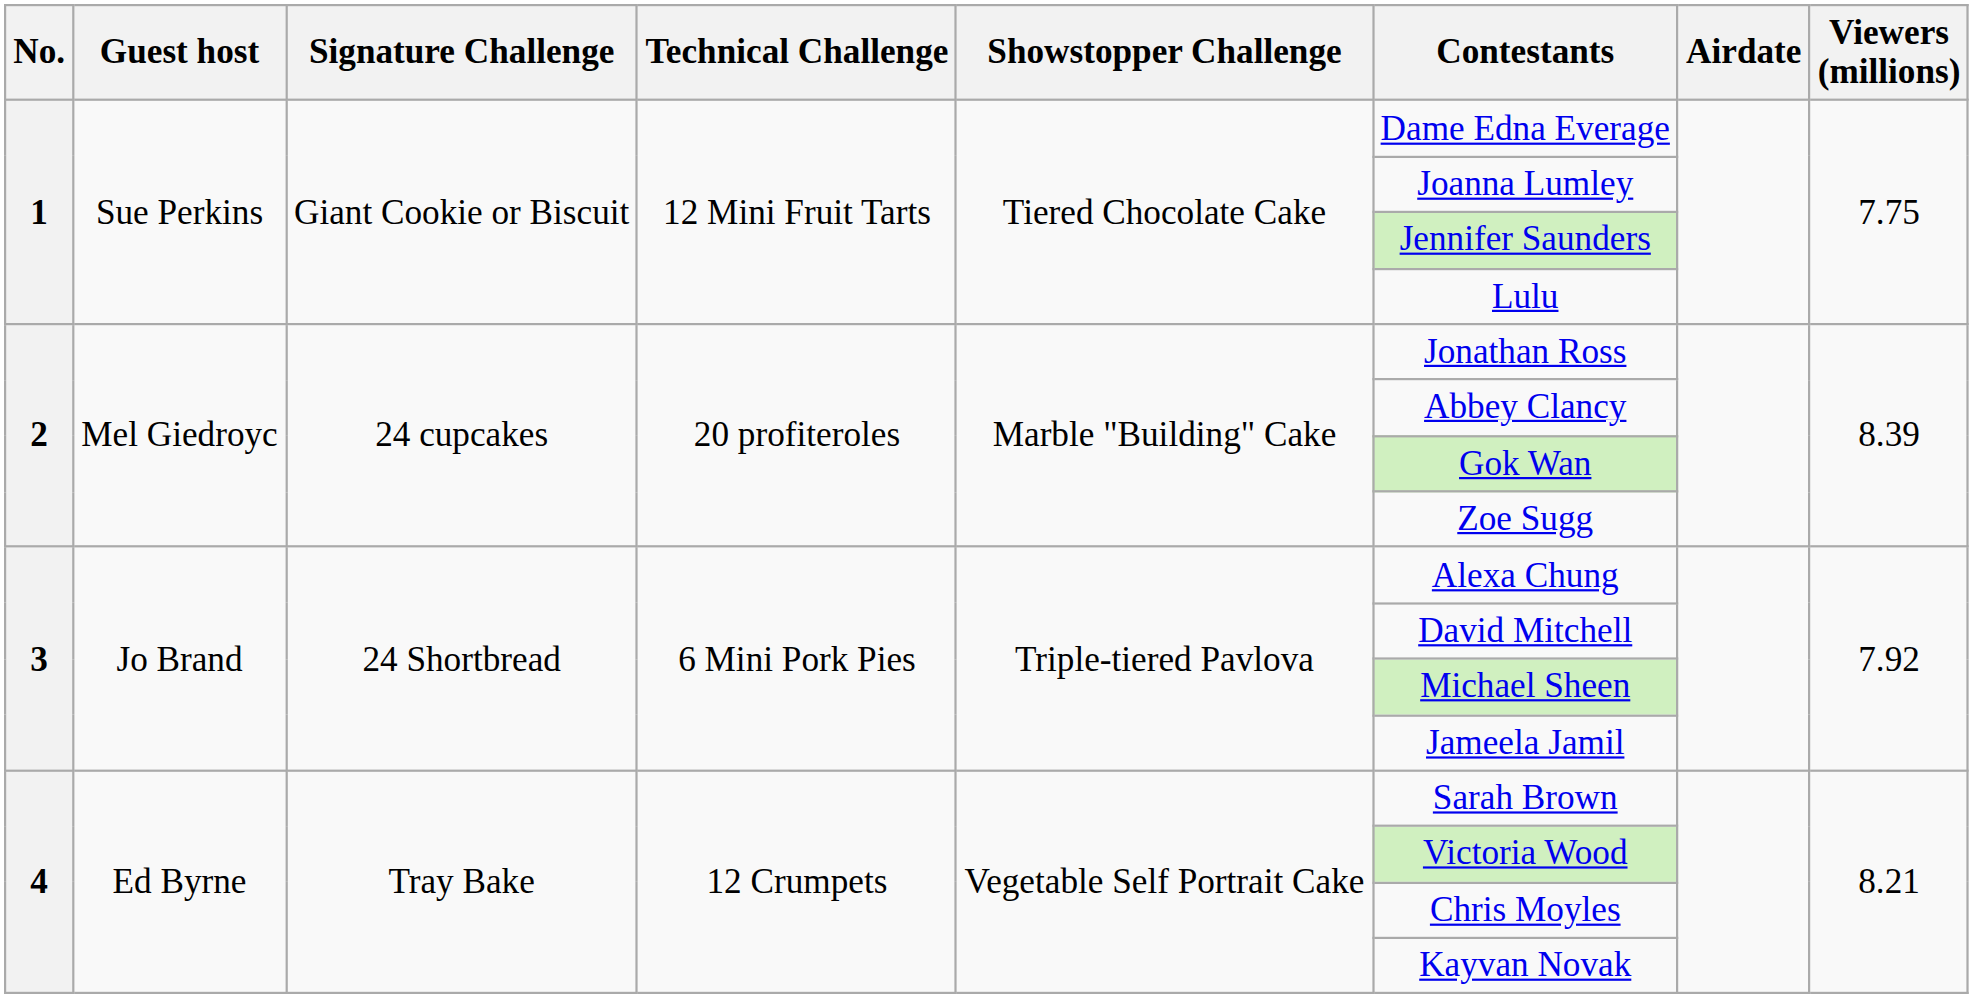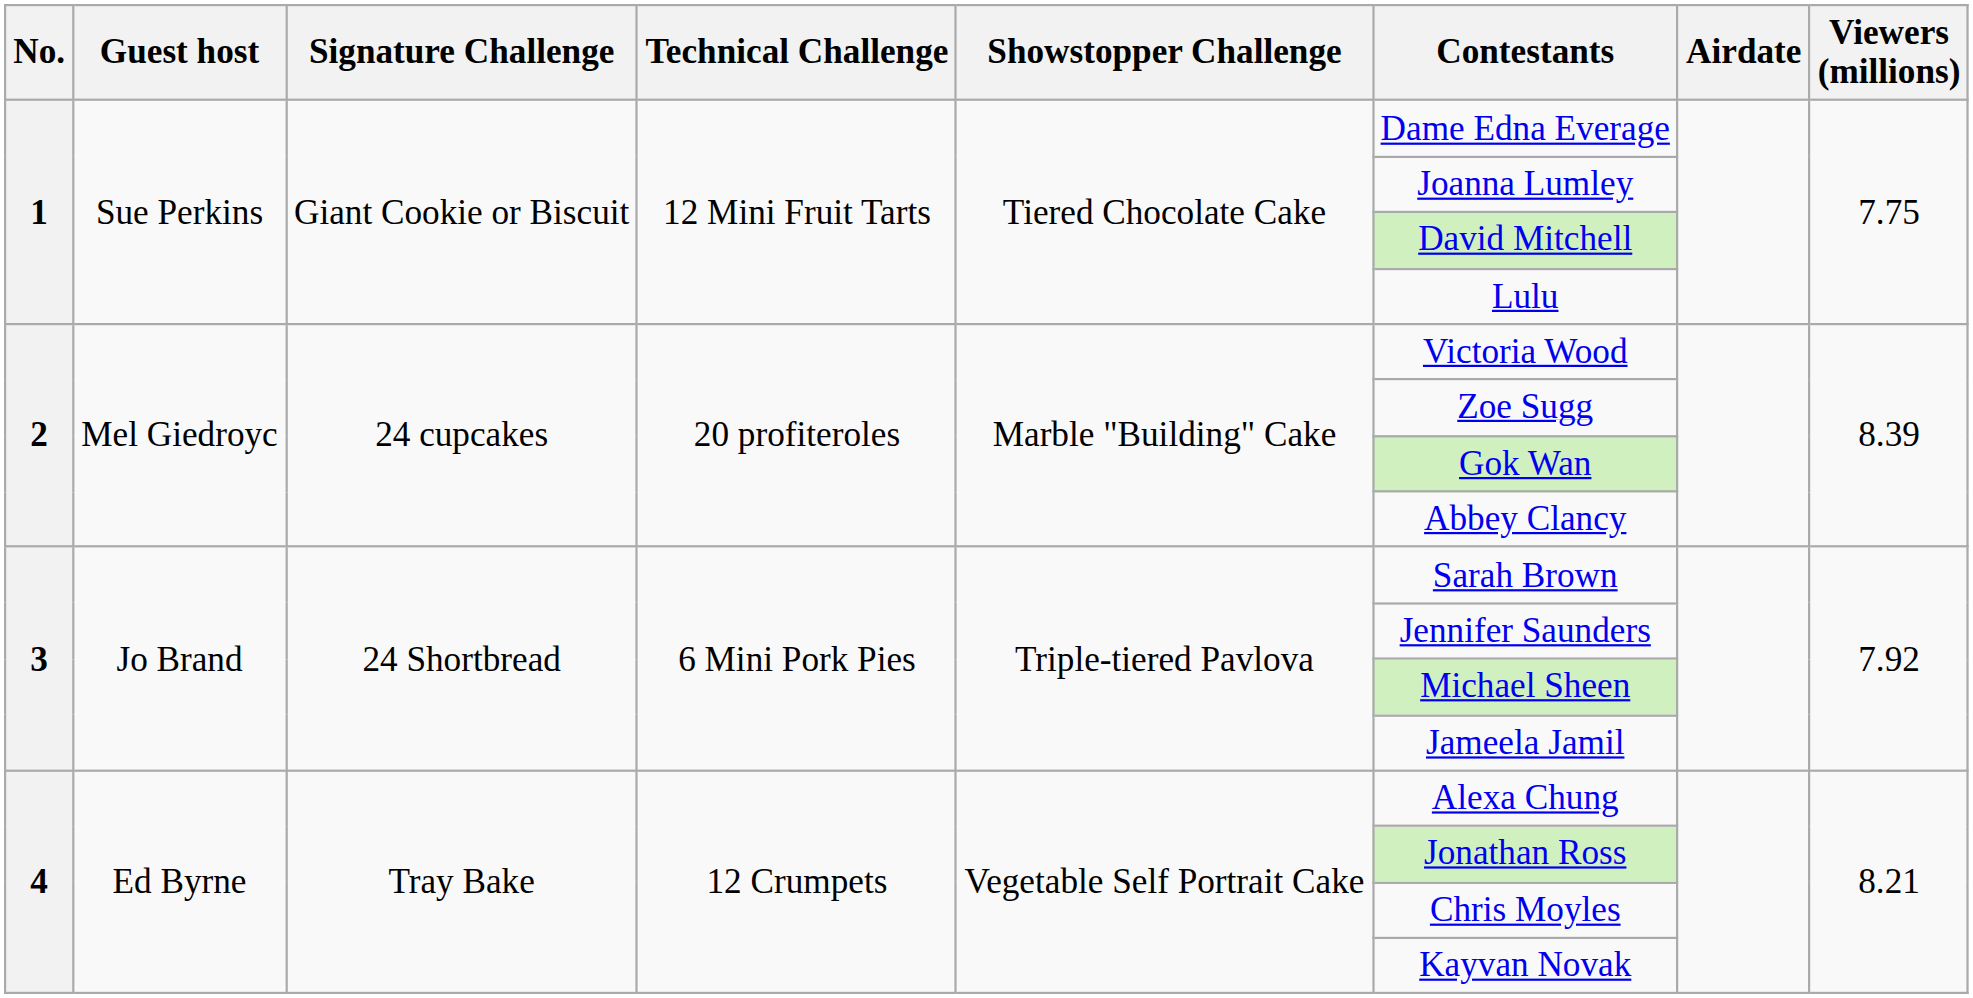 <table class="wikitable" style="text-align:center;">
 <tr>
 <th scope="col">No.</th>
 <th scope="col">Guest host</th>
 <th scope="col">Signature Challenge</th>
 <th scope="col">Technical Challenge</th>
 <th scope="col">Showstopper Challenge</th>
 <th scope="col">Contestants</th>
 <th scope="col">Airdate</th>
 <th scope="col">Viewers<br>(millions)</th>
 </tr>
 <tr>
 <th scope="rowgroup" rowspan=4>1</th>
 <td rowspan=4>Sue Perkins</td>
 <td rowspan=4>Giant Cookie or Biscuit</td>
 <td rowspan=4>12 Mini Fruit Tarts</td>
 <td rowspan=4>Tiered Chocolate Cake</td>
 <td><a href='#'>Dame Edna Everage</a></td>
 <td rowspan=4></td>
 <td rowspan=4>7.75</td>
 </tr>
 <tr>
 <td><a href='#'>Joanna Lumley</a></td>
 </tr>
 <tr style="background:#d0f0c0">
-<td><a href='#'>Jennifer Saunders</a></td>
+<td><a href='#'>David Mitchell</a></td>
 </tr>
 <tr>
 <td><a href='#'>Lulu</a></td>
 </tr>
 <tr>
 <th scope="rowgroup" rowspan=4>2</th>
 <td rowspan=4>Mel Giedroyc</td>
 <td rowspan=4>24 cupcakes</td>
 <td rowspan=4>20 profiteroles</td>
 <td rowspan=4>Marble "Building" Cake</td>
-<td><a href='#'>Jonathan Ross</a></td>
+<td><a href='#'>Victoria Wood</a></td>
 <td rowspan=4></td>
 <td rowspan=4>8.39</td>
 </tr>
 <tr>
-<td><a href='#'>Abbey Clancy</a></td>
+<td><a href='#'>Zoe Sugg</a></td>
 </tr>
 <tr style="background:#d0f0c0">
 <td><a href='#'>Gok Wan</a></td>
 </tr>
 <tr>
-<td><a href='#'>Zoe Sugg</a></td>
+<td><a href='#'>Abbey Clancy</a></td>
 </tr>
 <tr>
 <th scope="rowgroup" rowspan=4>3</th>
 <td rowspan=4>Jo Brand</td>
 <td rowspan=4>24 Shortbread</td>
 <td rowspan=4>6 Mini Pork Pies</td>
 <td rowspan=4>Triple-tiered Pavlova</td>
-<td><a href='#'>Alexa Chung</a></td>
+<td><a href='#'>Sarah Brown</a></td>
 <td rowspan=4></td>
 <td rowspan=4>7.92</td>
 </tr>
 <tr>
-<td><a href='#'>David Mitchell</a></td>
+<td><a href='#'>Jennifer Saunders</a></td>
 </tr>
 <tr style="background:#d0f0c0">
 <td><a href='#'>Michael Sheen</a></td>
 </tr>
 <tr>
 <td><a href='#'>Jameela Jamil</a></td>
 </tr>
 <tr>
 <th scope="rowgroup" rowspan=4>4</th>
 <td rowspan=4>Ed Byrne</td>
 <td rowspan=4>Tray Bake</td>
 <td rowspan=4>12 Crumpets</td>
 <td rowspan=4>Vegetable Self Portrait Cake</td>
-<td><a href='#'>Sarah Brown</a></td>
+<td><a href='#'>Alexa Chung</a></td>
 <td rowspan=4></td>
 <td rowspan=4>8.21</td>
 </tr>
 <tr style="background:#d0f0c0">
-<td><a href='#'>Victoria Wood</a></td>
+<td><a href='#'>Jonathan Ross</a></td>
 </tr>
 <tr>
 <td><a href='#'>Chris Moyles</a></td>
 </tr>
 <tr>
 <td><a href='#'>Kayvan Novak</a></td>
 </tr>
 </table>
